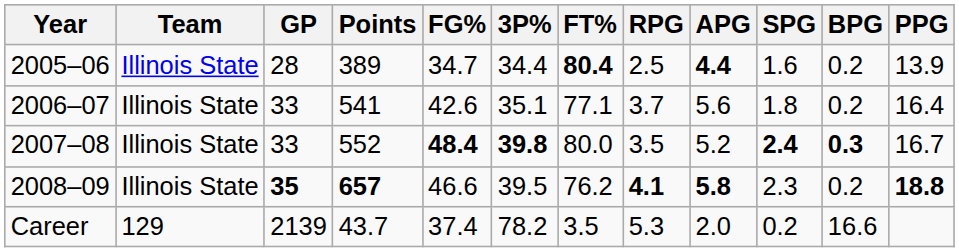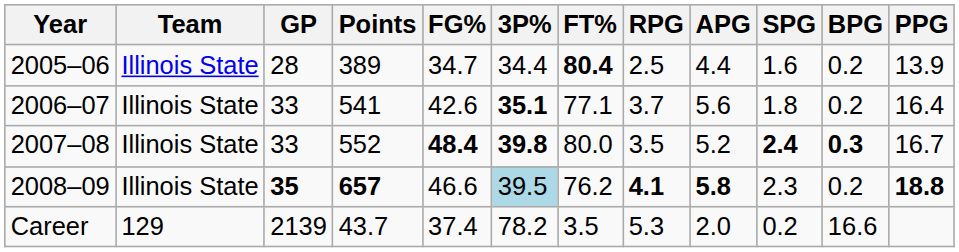 <table class="wikitable">
 <tr>
 <th>Year</th>
 <th>Team</th>
 <th>GP</th>
 <th>Points</th>
 <th>FG%</th>
 <th>3P%</th>
 <th>FT%</th>
 <th>RPG</th>
 <th>APG</th>
 <th>SPG</th>
 <th>BPG</th>
 <th>PPG</th>
 </tr>
 <tr>
 <td>2005–06</td>
 <td><a href='#'>Illinois State</a></td>
 <td>28</td>
 <td>389</td>
 <td>34.7</td>
 <td>34.4</td>
 <td><strong>80.4</strong></td>
 <td>2.5</td>
-<td><strong>4.4</strong></td>
+<td>4.4</td>
 <td>1.6</td>
 <td>0.2</td>
 <td>13.9</td>
 </tr>
 <tr>
 <td>2006–07</td>
 <td>Illinois State</td>
 <td>33</td>
 <td>541</td>
 <td>42.6</td>
-<td>35.1</td>
+<td><strong>35.1</strong></td>
 <td>77.1</td>
 <td>3.7</td>
 <td>5.6</td>
 <td>1.8</td>
 <td>0.2</td>
 <td>16.4</td>
 </tr>
 <tr>
 <td>2007–08</td>
 <td>Illinois State</td>
 <td>33</td>
 <td>552</td>
 <td><strong>48.4</strong></td>
 <td><strong>39.8</strong></td>
 <td>80.0</td>
 <td>3.5</td>
 <td>5.2</td>
 <td><strong>2.4</strong></td>
 <td><strong>0.3</strong></td>
 <td>16.7</td>
 </tr>
 <tr>
 <td>2008–09</td>
 <td>Illinois State</td>
 <td><strong>35</strong></td>
 <td><strong>657</strong></td>
 <td>46.6</td>
-<td>39.5</td>
+<td style="background: lightblue;">39.5</td>
 <td>76.2</td>
 <td><strong>4.1</strong></td>
 <td><strong>5.8</strong></td>
 <td>2.3</td>
 <td>0.2</td>
 <td><strong>18.8</strong></td>
 </tr>
 <tr>
 <td>Career</td>
 <td>129</td>
 <td>2139</td>
 <td>43.7</td>
 <td>37.4</td>
 <td>78.2</td>
 <td>3.5</td>
 <td>5.3</td>
 <td>2.0</td>
 <td>0.2</td>
 <td>16.6</td>
 </tr>
 </table>
